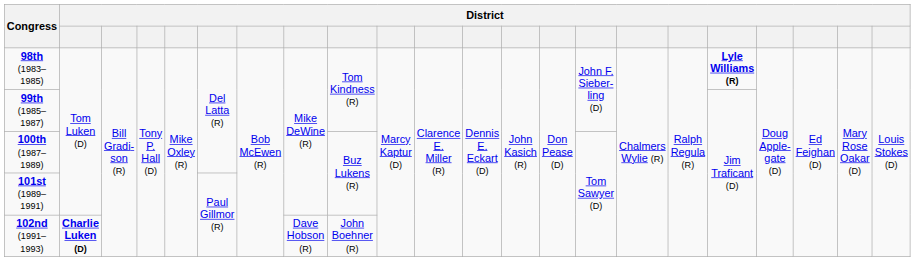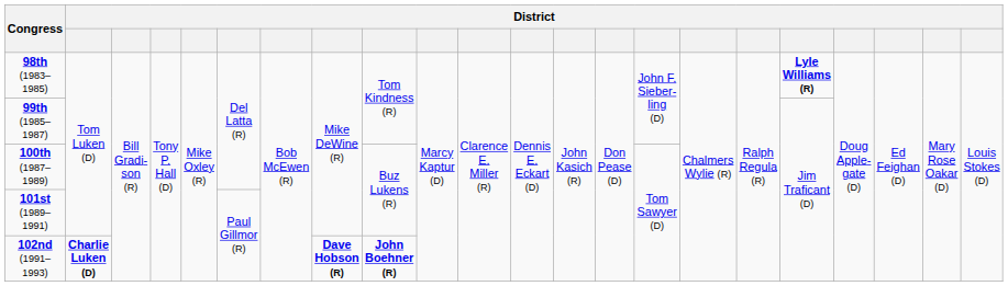 <table class=wikitable style="text-align:center">
 <tr style="height:2em">
 <th rowspan=2>Congress</th>
 <th colspan=21>District</th>
 </tr>
 <tr style="height:2em">
 <th></th>
 <th></th>
 <th></th>
 <th></th>
 <th></th>
 <th></th>
 <th></th>
 <th></th>
 <th></th>
 <th></th>
 <th></th>
 <th></th>
 <th></th>
 <th></th>
 <th></th>
 <th></th>
 <th></th>
 <th></th>
 <th></th>
 <th></th>
 <th></th>
 </tr>
 <tr style="height:2em">
 <td><strong><a href='#'>98th</a></strong><br><small>(1983–1985)</small></td>
 <td rowspan=4 ><a href='#'>Tom<br>Luken</a><br><small>(D)</small></td>
 <td rowspan=5 ><a href='#'>Bill<br>Gradi­son</a><br><small>(R)</small></td>
 <td rowspan=5 ><a href='#'>Tony P.<br>Hall</a> <small>(D)</small></td>
 <td rowspan=5 ><a href='#'>Mike<br>Oxley</a><br><small>(R)</small></td>
 <td rowspan=3 ><a href='#'>Del<br>Latta</a><br><small>(R)</small></td>
 <td rowspan=5 ><a href='#'>Bob<br>McEwen</a><br><small>(R)</small></td>
 <td rowspan=4 ><a href='#'>Mike<br>DeWine</a><br><small>(R)</small></td>
 <td rowspan=2 ><a href='#'>Tom<br>Kindness</a><br><small>(R)</small></td>
 <td rowspan=5 ><a href='#'>Marcy<br>Kaptur</a><br><small>(D)</small></td>
 <td rowspan=5 ><a href='#'>Clarence<br>E.<br>Miller</a><br><small>(R)</small></td>
 <td rowspan=5 ><a href='#'>Dennis<br>E.<br>Eckart</a><br><small>(D)</small></td>
 <td rowspan=5 ><a href='#'>John<br>Kasich</a><br><small>(R)</small></td>
 <td rowspan=5 ><a href='#'>Don<br>Pease</a><br><small>(D)</small></td>
 <td rowspan=2 ><a href='#'>John F.<br>Sieber­ling</a><br><small>(D)</small></td>
 <td rowspan=5 ><a href='#'>Chalmers<br>Wylie</a> <small>(R)</small></td>
 <td rowspan=5 ><a href='#'>Ralph<br>Regula</a><br><small>(R)</small></td>
 <td><strong><a href='#'>Lyle<br>Williams</a> <small>(R)</small></strong></td>
 <td rowspan=5 ><a href='#'>Doug<br>Apple­gate</a><br><small>(D)</small></td>
 <td rowspan=5 ><a href='#'>Ed<br>Feighan</a><br><small>(D)</small></td>
 <td rowspan=5 ><a href='#'>Mary<br>Rose<br>Oakar</a><br> <small>(D)</small></td>
 <td rowspan=5 ><a href='#'>Louis<br>Stokes</a><br><small>(D)</small></td>
 </tr>
 <tr style="height:2em">
 <td><strong><a href='#'>99th</a></strong><br><small>(1985–1987)</small></td>
 <td rowspan=4 ><a href='#'>Jim<br>Trafi­cant</a><br><small>(D)</small></td>
 </tr>
 <tr style="height:2em">
 <td><strong><a href='#'>100th</a></strong><br><small>(1987–1989)</small></td>
 <td rowspan=2 ><a href='#'>Buz<br>Lukens</a><br><small>(R)</small></td>
 <td rowspan=3 ><a href='#'>Tom<br>Sawyer</a><br><small>(D)</small></td>
 </tr>
 <tr style="height:2em">
 <td><strong><a href='#'>101st</a></strong><br><small>(1989–1991)</small></td>
 <td rowspan=2 ><a href='#'>Paul<br>Gillmor</a><br><small>(R)</small></td>
 </tr>
 <tr style="height:2em">
 <td><strong><a href='#'>102nd</a></strong><br><small>(1991–1993)</small></td>
 <td><strong><a href='#'>Charlie<br>Luken</a> <small>(D)</small></strong></td>
-<td><a href='#'>Dave<br>Hobson</a> <small>(R)</small></td>
-<td><a href='#'>John<br>Boehner</a> <small>(R)</small></td>
+<td><strong><a href='#'>Dave<br>Hobson</a> <small>(R)</small></strong></td>
+<td><strong><a href='#'>John<br>Boehner</a> <small>(R)</small></strong></td>
 </tr>
 </table>
